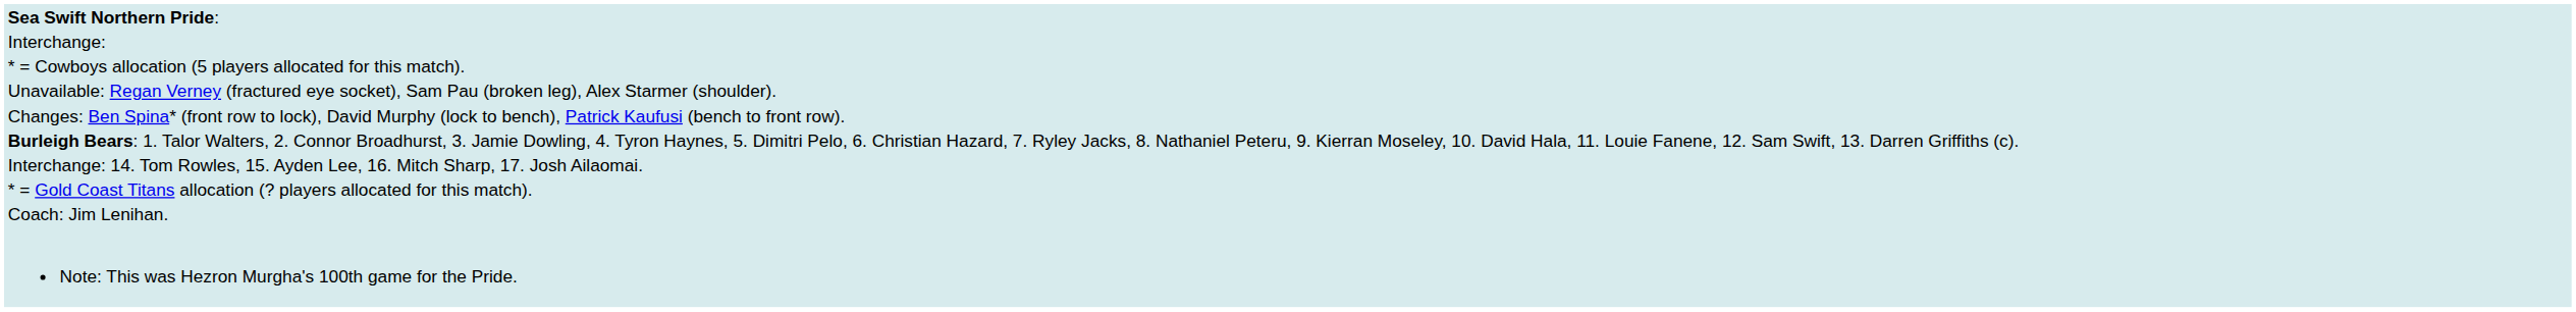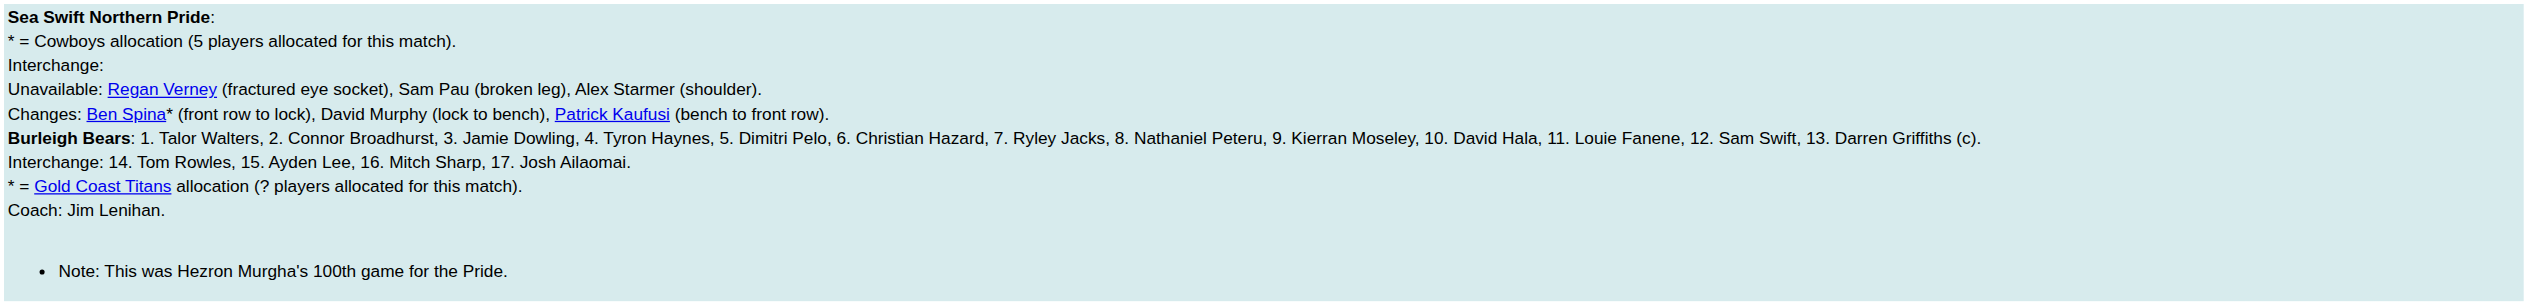 <table style="background:#d7ebed; font-size:85%; width:100%;">
 <tr>
 <td><strong>Sea Swift Northern Pride</strong>:             </td>
 </tr>
 <tr>
-<td>Interchange:    </td>
+<td>* = Cowboys allocation (5 players allocated for this match).</td>
 </tr>
 <tr>
-<td>* = Cowboys allocation (5 players allocated for this match).</td>
+<td>Interchange:    </td>
 </tr>
 <tr>
 <td>Unavailable:  <a href='#'>Regan Verney</a> (fractured eye socket), Sam Pau (broken leg), Alex Starmer (shoulder).</td>
 </tr>
 <tr>
 <td>Changes: <a href='#'>Ben Spina</a>* (front row to lock), David Murphy (lock to bench), <a href='#'>Patrick Kaufusi</a> (bench to front row).</td>
 </tr>
 <tr>
 <td><strong>Burleigh Bears</strong>:  1. Talor Walters, 2. Connor Broadhurst, 3. Jamie Dowling, 4. Tyron Haynes, 5. Dimitri Pelo, 6. Christian Hazard, 7. Ryley Jacks, 8. Nathaniel Peteru, 9. Kierran Moseley, 10. David Hala, 11. Louie Fanene, 12. Sam Swift, 13. Darren Griffiths (c).</td>
 </tr>
 <tr>
 <td>Interchange: 14. Tom Rowles, 15. Ayden Lee, 16. Mitch Sharp, 17. Josh Ailaomai.</td>
 </tr>
 <tr>
 <td>* = <a href='#'>Gold Coast Titans</a> allocation (? players allocated for this match).</td>
 </tr>
 <tr>
 <td>Coach: Jim Lenihan.</td>
 </tr>
 <tr>
 <td><br><ul><li>Note: This was Hezron Murgha's 100th game for the Pride.</li></ul></td>
 </tr>
 </table>
